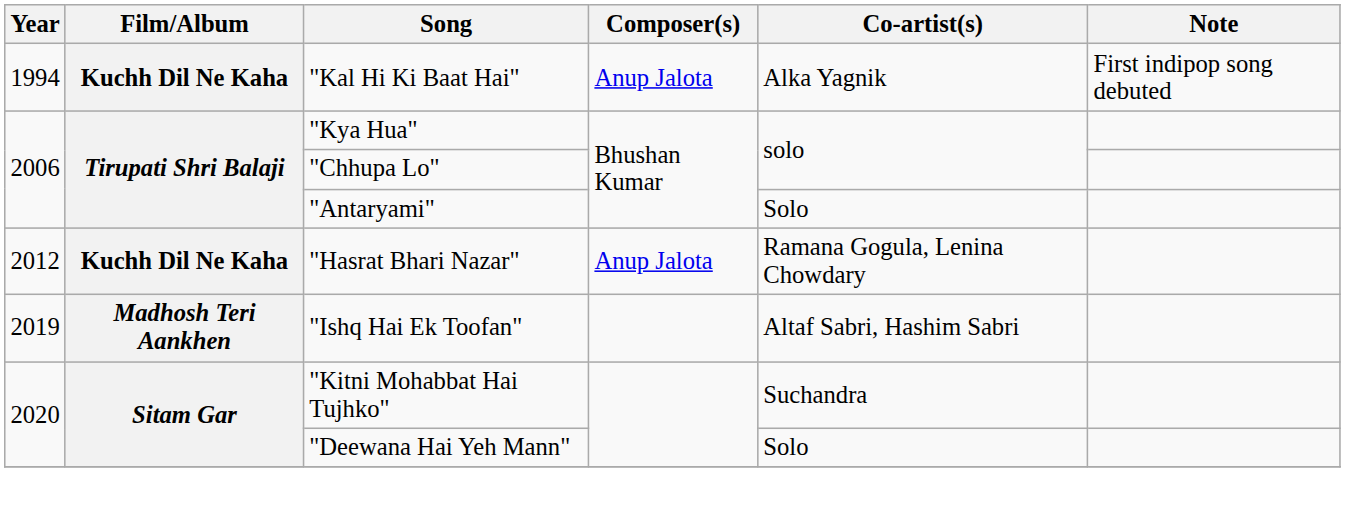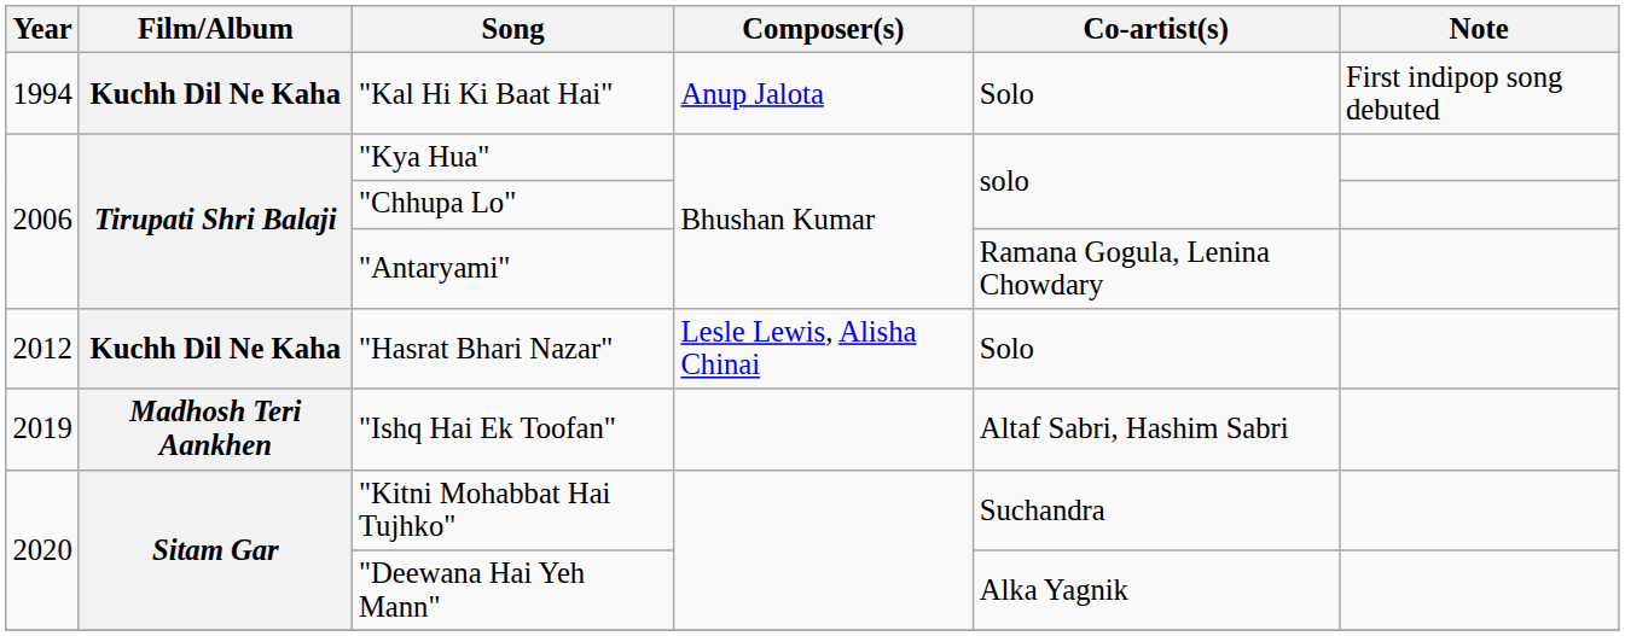 <table class="wikitable plainrowheaders" style="textcolor:#000;">
 <tr style="background:#b0e0e66;">
 <th scope="col"><strong>Year</strong></th>
 <th><strong>Film/Album</strong></th>
 <th scope="col"><strong>Song</strong></th>
 <th scope="col"><strong>Composer(s)</strong></th>
 <th scope="col"><strong>Co-artist(s)</strong></th>
 <th scope="col"><strong>Note</strong></th>
 </tr>
 <tr>
 <td>1994</td>
 <th><strong>Kuchh Dil Ne Kaha</strong></th>
 <td>"Kal Hi Ki Baat Hai"</td>
 <td><a href='#'>Anup Jalota</a></td>
-<td>Alka Yagnik</td>
+<td>Solo</td>
 <td>First indipop song debuted</td>
 </tr>
 <tr>
 <td rowspan=3>2006</td>
 <th rowspan=3><em>Tirupati Shri Balaji</em></th>
 <td>"Kya Hua"</td>
 <td rowspan=3>Bhushan Kumar</td>
 <td rowspan=2>solo</td>
 <td></td>
 </tr>
 <tr>
 <td>"Chhupa Lo"</td>
 <td></td>
 </tr>
 <tr>
 <td>"Antaryami"</td>
-<td>Solo</td>
+<td>Ramana Gogula, Lenina Chowdary</td>
 <td></td>
 </tr>
 <tr>
 <td>2012</td>
 <th><strong>Kuchh Dil Ne Kaha</strong></th>
 <td>"Hasrat Bhari Nazar"</td>
-<td><a href='#'>Anup Jalota</a></td>
-<td>Ramana Gogula, Lenina Chowdary</td>
+<td><a href='#'>Lesle Lewis</a>, <a href='#'>Alisha Chinai</a></td>
+<td>Solo</td>
 <td></td>
 </tr>
 <tr>
 <td>2019</td>
 <th><em>Madhosh Teri Aankhen</em></th>
 <td>"Ishq Hai Ek Toofan"</td>
 <td></td>
 <td>Altaf Sabri, Hashim Sabri</td>
 <td></td>
 </tr>
 <tr>
 <td rowspan=2>2020</td>
 <th rowspan=2><em>Sitam Gar</em></th>
 <td>"Kitni Mohabbat Hai Tujhko"</td>
 <td rowspan=2></td>
 <td>Suchandra</td>
 <td></td>
 </tr>
 <tr>
 <td>"Deewana Hai Yeh Mann"</td>
-<td>Solo</td>
+<td>Alka Yagnik</td>
 <td></td>
 </tr>
 <tr>
 </tr>
 </table>
